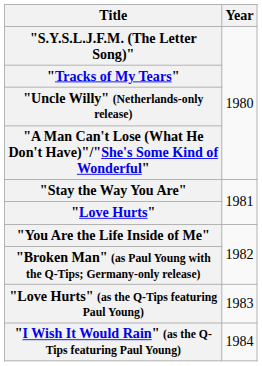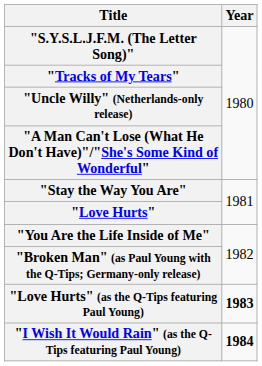 <table class="wikitable plainrowheaders" style="text-align:center;">
 <tr>
 <th scope="col" style="width:15em;">Title</th>
 <th scope="col" style="width:2em;">Year</th>
 </tr>
 <tr>
 <th scope="row">"S.Y.S.L.J.F.M. (The Letter Song)"</th>
 <td rowspan="4">1980</td>
 </tr>
 <tr>
 <th scope="row">"<a href='#'>Tracks of My Tears</a>"</th>
 </tr>
 <tr>
 <th scope="row">"Uncle Willy" <small>(Netherlands-only release)</small></th>
 </tr>
 <tr>
 <th scope="row">"A Man Can't Lose (What He Don't Have)"/"<a href='#'>She's Some Kind of Wonderful</a>"</th>
 </tr>
 <tr>
 <th scope="row">"Stay the Way You Are"</th>
 <td rowspan="2">1981</td>
 </tr>
 <tr>
 <th scope="row">"<a href='#'>Love Hurts</a>"</th>
 </tr>
 <tr>
 <th scope="row">"You Are the Life Inside of Me"</th>
 <td rowspan="2">1982</td>
 </tr>
 <tr>
 <th scope="row">"Broken Man" <small>(as Paul Young with the Q-Tips; Germany-only release)</small></th>
 </tr>
 <tr>
 <th scope="row">"Love Hurts" <small>(as the Q-Tips featuring Paul Young)</small></th>
-<td>1983</td>
+<td><strong>1983</strong></td>
 </tr>
 <tr>
 <th scope="row">"<a href='#'>I Wish It Would Rain</a>" <small>(as the Q-Tips featuring Paul Young)</small></th>
-<td>1984</td>
+<td><strong>1984</strong></td>
 </tr>
 </table>
